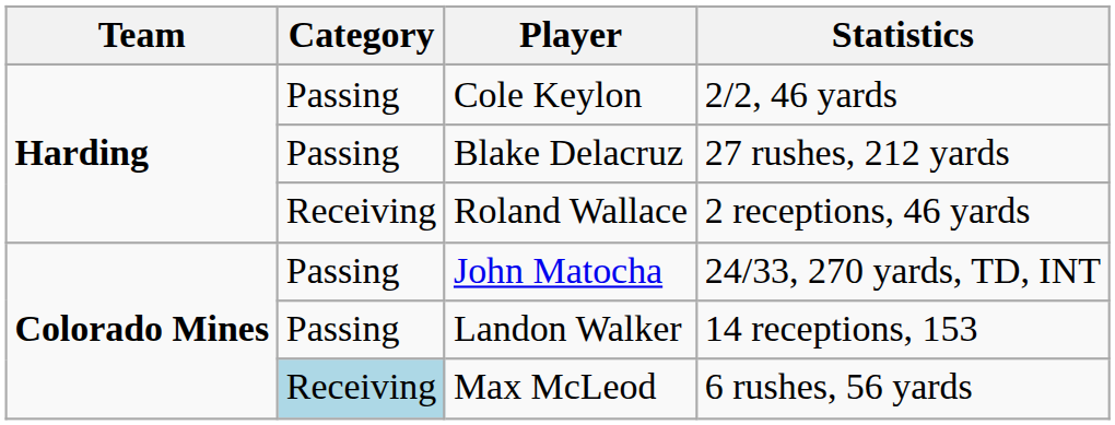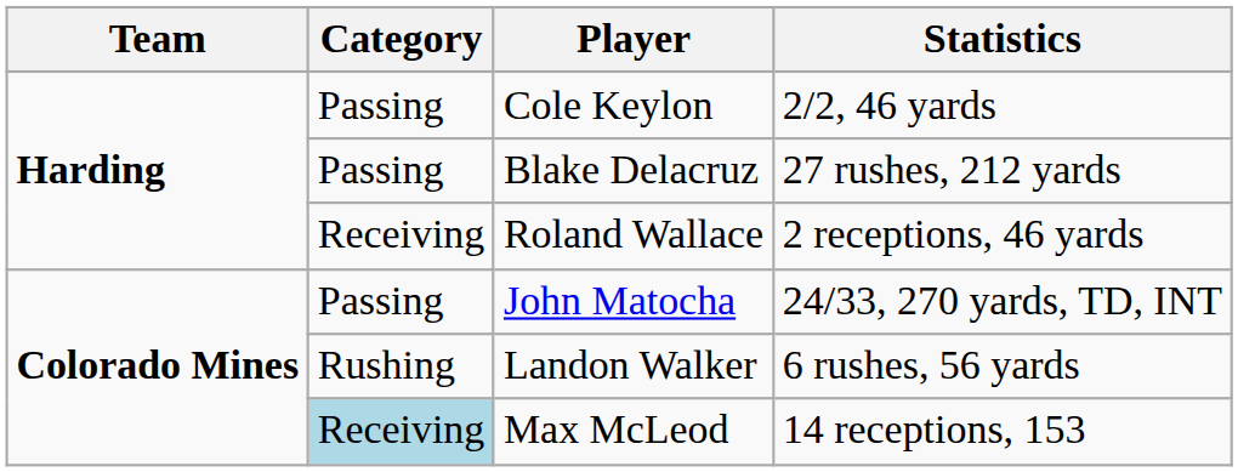 <table class="wikitable" style="float: right;">
 <tr>
 <th>Team</th>
 <th>Category</th>
 <th>Player</th>
 <th>Statistics</th>
 </tr>
 <tr>
 <td rowspan=3><strong>Harding</strong></td>
 <td>Passing</td>
 <td>Cole Keylon</td>
 <td>2/2, 46 yards</td>
 </tr>
 <tr>
 <td>Passing</td>
 <td>Blake Delacruz</td>
 <td>27 rushes, 212 yards</td>
 </tr>
 <tr>
 <td>Receiving</td>
 <td>Roland Wallace</td>
 <td>2 receptions, 46 yards</td>
 </tr>
 <tr>
 <td rowspan=3><strong>Colorado Mines</strong></td>
 <td>Passing</td>
 <td><a href='#'>John Matocha</a></td>
 <td>24/33, 270 yards, TD, INT</td>
 </tr>
 <tr>
-<td>Passing</td>
+<td>Rushing</td>
 <td>Landon Walker</td>
-<td>14 receptions, 153</td>
+<td>6 rushes, 56 yards</td>
 </tr>
 <tr>
 <td style="background: lightblue;">Receiving</td>
 <td>Max McLeod</td>
-<td>6 rushes, 56 yards</td>
+<td>14 receptions, 153</td>
 </tr>
 </table>
